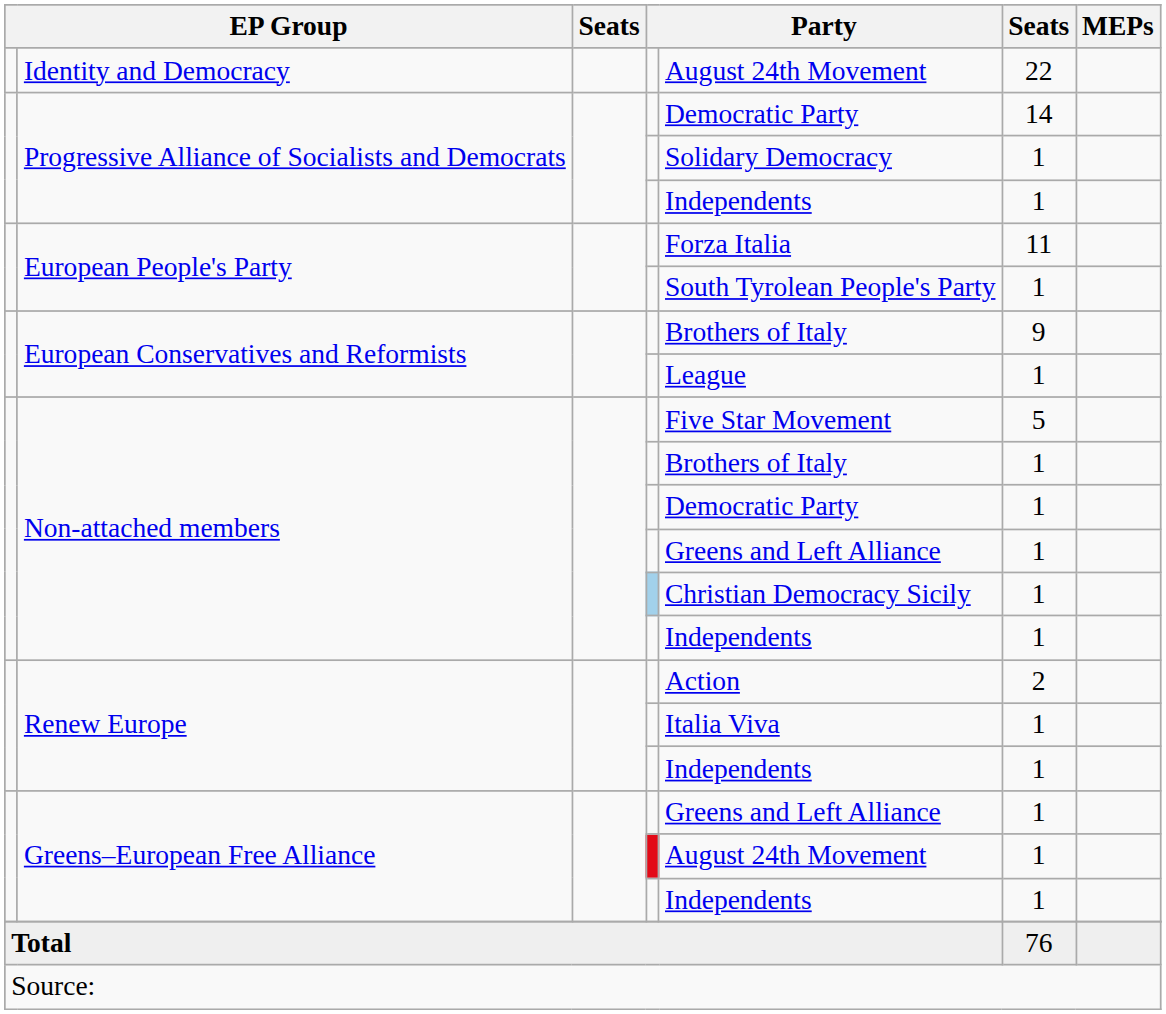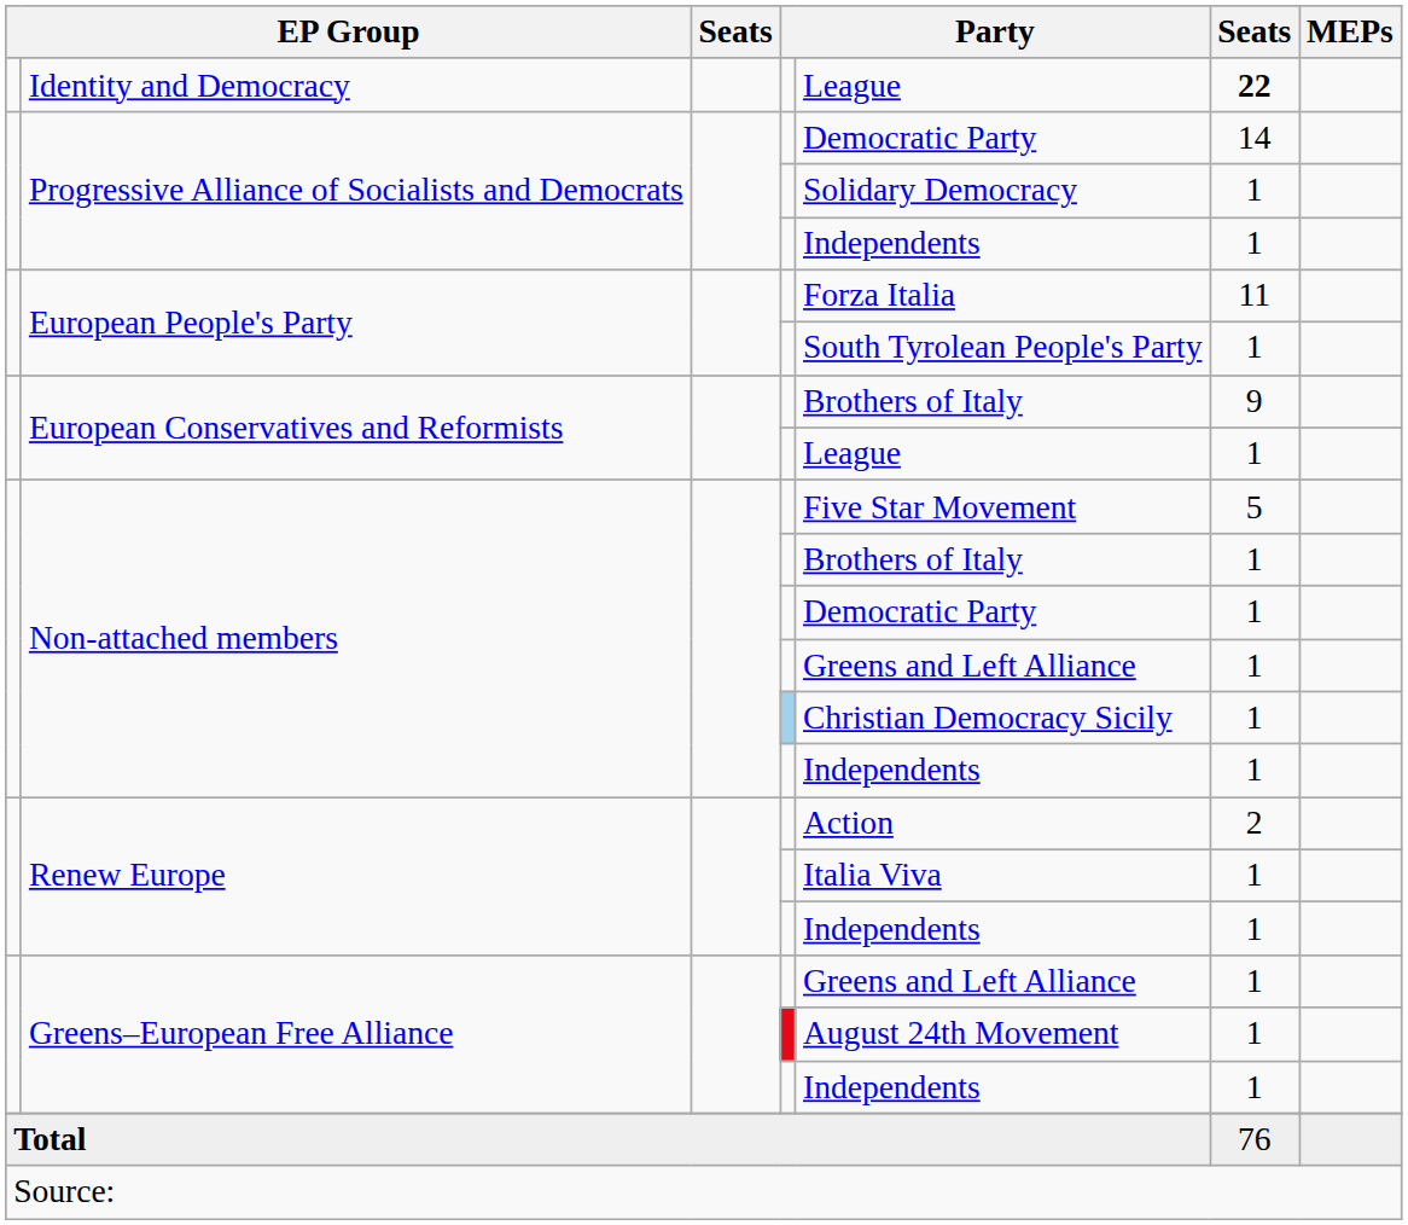 <table class="wikitable">
 <tr>
 <th colspan=2>EP Group</th>
 <th>Seats</th>
 <th colspan=2>Party</th>
 <th>Seats</th>
 <th>MEPs</th>
 </tr>
 <tr>
 <td></td>
 <td><a href='#'>Identity and Democracy</a></td>
 <td></td>
 <td style="background:"></td>
-<td><a href='#'>August 24th Movement</a></td>
-<td align=center>22</td>
+<td><a href='#'>League</a></td>
+<td align=center><strong>22</strong></td>
 <td></td>
 </tr>
 <tr>
 <td rowspan="3"></td>
 <td rowspan="3"><a href='#'>Progressive Alliance of Socialists and Democrats</a></td>
 <td rowspan="3"></td>
 <td style="background:"></td>
 <td><a href='#'>Democratic Party</a></td>
 <td align=center>14</td>
 <td></td>
 </tr>
 <tr>
 <td style="background:"></td>
 <td><a href='#'>Solidary Democracy</a></td>
 <td align=center>1</td>
 <td></td>
 </tr>
 <tr>
 <td style="background:"></td>
 <td><a href='#'>Independents</a></td>
 <td align=center>1</td>
 <td></td>
 </tr>
 <tr>
 <td rowspan="2"></td>
 <td rowspan="2"><a href='#'>European People's Party</a></td>
 <td rowspan="2"></td>
 <td style="background:"></td>
 <td><a href='#'>Forza Italia</a></td>
 <td align=center>11</td>
 <td></td>
 </tr>
 <tr>
 <td style="background:"></td>
 <td><a href='#'>South Tyrolean People's Party</a></td>
 <td align=center>1</td>
 <td></td>
 </tr>
 <tr>
 <td rowspan="2"></td>
 <td rowspan="2"><a href='#'>European Conservatives and Reformists</a></td>
 <td rowspan="2"></td>
 <td style="background:"></td>
 <td><a href='#'>Brothers of Italy</a></td>
 <td align=center>9</td>
 <td></td>
 </tr>
 <tr>
 <td style="background:"></td>
 <td><a href='#'>League</a></td>
 <td align=center>1</td>
 <td></td>
 </tr>
 <tr>
 <td rowspan="6"></td>
 <td rowspan="6"><a href='#'>Non-attached members</a></td>
 <td rowspan="6"></td>
 <td style="background:"></td>
 <td><a href='#'>Five Star Movement</a></td>
 <td align=center>5</td>
 <td></td>
 </tr>
 <tr>
 <td style="background:"></td>
 <td><a href='#'>Brothers of Italy</a></td>
 <td align=center>1</td>
 <td></td>
 </tr>
 <tr>
 <td style="background:"></td>
 <td><a href='#'>Democratic Party</a></td>
 <td align=center>1</td>
 <td></td>
 </tr>
 <tr>
 <td style="background:"></td>
 <td><a href='#'>Greens and Left Alliance</a></td>
 <td align=center>1</td>
 <td></td>
 </tr>
 <tr>
 <td style="background:#A2D1EB;"></td>
 <td><a href='#'>Christian Democracy Sicily</a></td>
 <td align=center>1</td>
 <td></td>
 </tr>
 <tr>
 <td style="background:"></td>
 <td><a href='#'>Independents</a></td>
 <td align=center>1</td>
 <td></td>
 </tr>
 <tr>
 <td rowspan="3"></td>
 <td rowspan="3"><a href='#'>Renew Europe</a></td>
 <td rowspan="3"></td>
 <td style="background:"></td>
 <td><a href='#'>Action</a></td>
 <td align=center>2</td>
 <td></td>
 </tr>
 <tr>
 <td style="background:"></td>
 <td><a href='#'>Italia Viva</a></td>
 <td align=center>1</td>
 <td></td>
 </tr>
 <tr>
 <td style="background:"></td>
 <td><a href='#'>Independents</a></td>
 <td align=center>1</td>
 <td></td>
 </tr>
 <tr>
 <td rowspan="3"></td>
 <td rowspan="3"><a href='#'>Greens–European Free Alliance</a></td>
 <td rowspan="3"></td>
 <td style="background:"></td>
 <td><a href='#'>Greens and Left Alliance</a></td>
 <td align=center>1</td>
 <td></td>
 </tr>
 <tr>
 <td style="background:#E30917;"></td>
 <td><a href='#'>August 24th Movement</a></td>
 <td align=center>1</td>
 <td></td>
 </tr>
 <tr>
 <td style="background:"></td>
 <td><a href='#'>Independents</a></td>
 <td align=center>1</td>
 <td></td>
 </tr>
 <tr>
 </tr>
 <tr bgcolor="EFEFEF">
 <td colspan=5 align=left><strong>Total</strong></td>
 <td align=center>76</td>
 <td></td>
 </tr>
 <tr>
 <td colspan="7">Source: </td>
 </tr>
 </table>
